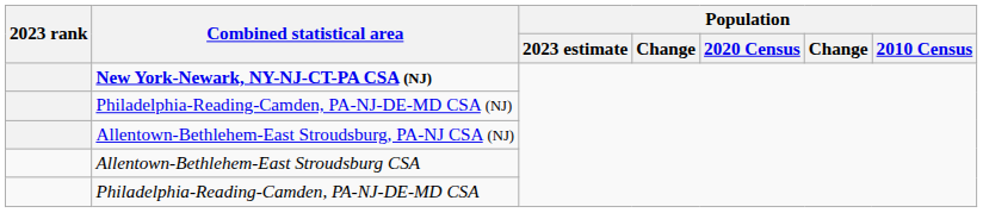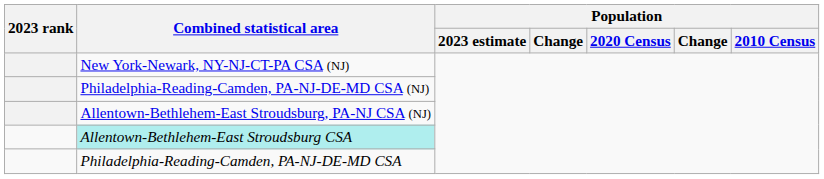 <table class="wikitable sortable">
 <tr>
 <th scope=col rowspan=2>2023 rank</th>
 <th scope=col rowspan=2><a href='#'>Combined statistical area</a></th>
 <th colspan=5>Population</th>
 </tr>
 <tr>
 <th scope=col>2023 estimate</th>
 <th scope=col>Change</th>
 <th scope=col><a href='#'>2020 Census</a></th>
 <th scope=col>Change</th>
 <th scope=col><a href='#'>2010 Census</a></th>
 </tr>
 <tr>
 <th scope=row></th>
-<td><strong><a href='#'>New York-Newark, NY-NJ-CT-PA CSA</a> <small>(NJ)</small><br></strong></td>
+<td><a href='#'>New York-Newark, NY-NJ-CT-PA CSA</a> <small>(NJ)</small><br></td>
 </tr>
 <tr>
 <th scope=row></th>
 <td><a href='#'>Philadelphia-Reading-Camden, PA-NJ-DE-MD CSA</a> <small>(NJ)</small><br></td>
 </tr>
 <tr>
 <th scope=row></th>
 <td><a href='#'>Allentown-Bethlehem-East Stroudsburg, PA-NJ CSA</a> <small>(NJ)</small><br></td>
 </tr>
 <tr>
 <td></td>
-<td><em><span>Allentown-Bethlehem-East Stroudsburg CSA</span></em><br></td>
+<td style="background: paleturquoise;"><em><span>Allentown-Bethlehem-East Stroudsburg CSA</span></em><br></td>
 </tr>
 <tr>
 <td></td>
 <td><em><span>Philadelphia-Reading-Camden, PA-NJ-DE-MD CSA</span></em><br></td>
 </tr>
 </table>
